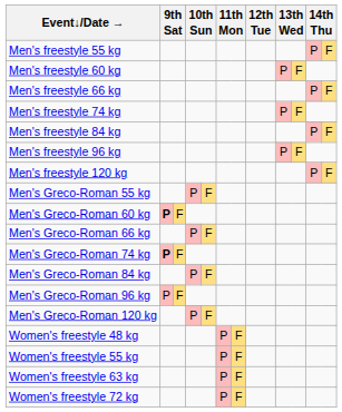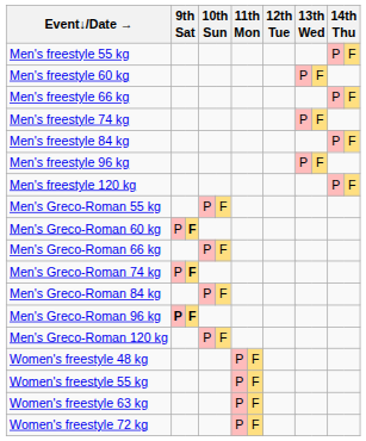 <table class="wikitable" style="margin:0.5em auto; font-size:90%; line-height:1.25em; text-align:center;">
 <tr>
 <th>Event↓/Date →</th>
 <th colspan=2>9th<br>Sat</th>
 <th colspan=2>10th<br>Sun</th>
 <th colspan=2>11th<br>Mon</th>
 <th colspan=2>12th<br>Tue</th>
 <th colspan=2>13th<br>Wed</th>
 <th colspan=2>14th<br>Thu</th>
 </tr>
 <tr>
 <td align="left"><a href='#'>Men's freestyle 55 kg</a></td>
 <td colspan=2></td>
 <td colspan=2></td>
 <td colspan=2></td>
 <td colspan=2></td>
 <td colspan=2></td>
 <td bgcolor="#FFBBBB">P</td>
 <td bgcolor="#FFDF80">F</td>
 </tr>
 <tr>
 <td align="left"><a href='#'>Men's freestyle 60 kg</a></td>
 <td colspan=2></td>
 <td colspan=2></td>
 <td colspan=2></td>
 <td colspan=2></td>
 <td bgcolor="#FFBBBB">P</td>
 <td bgcolor="#FFDF80">F</td>
 <td colspan=2></td>
 </tr>
 <tr>
 <td align="left"><a href='#'>Men's freestyle 66 kg</a></td>
 <td colspan=2></td>
 <td colspan=2></td>
 <td colspan=2></td>
 <td colspan=2></td>
 <td colspan=2></td>
 <td bgcolor="#FFBBBB">P</td>
 <td bgcolor="#FFDF80">F</td>
 </tr>
 <tr>
 <td align="left"><a href='#'>Men's freestyle 74 kg</a></td>
 <td colspan=2></td>
 <td colspan=2></td>
 <td colspan=2></td>
 <td colspan=2></td>
 <td bgcolor="#FFBBBB">P</td>
 <td bgcolor="#FFDF80">F</td>
 <td colspan=2></td>
 </tr>
 <tr>
 <td align="left"><a href='#'>Men's freestyle 84 kg</a></td>
 <td colspan=2></td>
 <td colspan=2></td>
 <td colspan=2></td>
 <td colspan=2></td>
 <td colspan=2></td>
 <td bgcolor="#FFBBBB">P</td>
 <td bgcolor="#FFDF80">F</td>
 </tr>
 <tr>
 <td align="left"><a href='#'>Men's freestyle 96 kg</a></td>
 <td colspan=2></td>
 <td colspan=2></td>
 <td colspan=2></td>
 <td colspan=2></td>
 <td bgcolor="#FFBBBB">P</td>
 <td bgcolor="#FFDF80">F</td>
 <td colspan=2></td>
 </tr>
 <tr>
 <td align="left"><a href='#'>Men's freestyle 120 kg</a></td>
 <td colspan=2></td>
 <td colspan=2></td>
 <td colspan=2></td>
 <td colspan=2></td>
 <td colspan=2></td>
 <td bgcolor="#FFBBBB">P</td>
 <td bgcolor="#FFDF80">F</td>
 </tr>
 <tr>
 <td align="left"><a href='#'>Men's Greco-Roman 55 kg</a></td>
 <td colspan=2></td>
 <td bgcolor="#FFBBBB">P</td>
 <td bgcolor="#FFDF80">F</td>
 <td colspan=2></td>
 <td colspan=2></td>
 <td colspan=2></td>
 <td colspan=2></td>
 </tr>
 <tr>
 <td align="left"><a href='#'>Men's Greco-Roman 60 kg</a></td>
-<td bgcolor="#FFBBBB"><strong>P</strong></td>
-<td bgcolor="#FFDF80">F</td>
+<td bgcolor="#FFBBBB">P</td>
+<td bgcolor="#FFDF80"><strong>F</strong></td>
 <td colspan=2></td>
 <td colspan=2></td>
 <td colspan=2></td>
 <td colspan=2></td>
 <td colspan=2></td>
 </tr>
 <tr>
 <td align="left"><a href='#'>Men's Greco-Roman 66 kg</a></td>
 <td colspan=2></td>
 <td bgcolor="#FFBBBB">P</td>
 <td bgcolor="#FFDF80">F</td>
 <td colspan=2></td>
 <td colspan=2></td>
 <td colspan=2></td>
 <td colspan=2></td>
 </tr>
 <tr>
 <td align="left"><a href='#'>Men's Greco-Roman 74 kg</a></td>
-<td bgcolor="#FFBBBB"><strong>P</strong></td>
-<td bgcolor="#FFDF80">F</td>
+<td bgcolor="#FFBBBB">P</td>
+<td bgcolor="#FFDF80"><strong>F</strong></td>
 <td colspan=2></td>
 <td colspan=2></td>
 <td colspan=2></td>
 <td colspan=2></td>
 <td colspan=2></td>
 </tr>
 <tr>
 <td align="left"><a href='#'>Men's Greco-Roman 84 kg</a></td>
 <td colspan=2></td>
 <td bgcolor="#FFBBBB">P</td>
 <td bgcolor="#FFDF80">F</td>
 <td colspan=2></td>
 <td colspan=2></td>
 <td colspan=2></td>
 <td colspan=2></td>
 </tr>
 <tr>
 <td align="left"><a href='#'>Men's Greco-Roman 96 kg</a></td>
-<td bgcolor="#FFBBBB">P</td>
-<td bgcolor="#FFDF80">F</td>
+<td bgcolor="#FFBBBB"><strong>P</strong></td>
+<td bgcolor="#FFDF80"><strong>F</strong></td>
 <td colspan=2></td>
 <td colspan=2></td>
 <td colspan=2></td>
 <td colspan=2></td>
 <td colspan=2></td>
 </tr>
 <tr>
 <td align="left"><a href='#'>Men's Greco-Roman 120 kg</a></td>
 <td colspan=2></td>
 <td bgcolor="#FFBBBB">P</td>
 <td bgcolor="#FFDF80">F</td>
 <td colspan=2></td>
 <td colspan=2></td>
 <td colspan=2></td>
 <td colspan=2></td>
 </tr>
 <tr>
 <td align="left"><a href='#'>Women's freestyle 48 kg</a></td>
 <td colspan=2></td>
 <td colspan=2></td>
 <td bgcolor="#FFBBBB">P</td>
 <td bgcolor="#FFDF80">F</td>
 <td colspan=2></td>
 <td colspan=2></td>
 <td colspan=2></td>
 </tr>
 <tr>
 <td align="left"><a href='#'>Women's freestyle 55 kg</a></td>
 <td colspan=2></td>
 <td colspan=2></td>
 <td bgcolor="#FFBBBB">P</td>
 <td bgcolor="#FFDF80">F</td>
 <td colspan=2></td>
 <td colspan=2></td>
 <td colspan=2></td>
 </tr>
 <tr>
 <td align="left"><a href='#'>Women's freestyle 63 kg</a></td>
 <td colspan=2></td>
 <td colspan=2></td>
 <td bgcolor="#FFBBBB">P</td>
 <td bgcolor="#FFDF80">F</td>
 <td colspan=2></td>
 <td colspan=2></td>
 <td colspan=2></td>
 </tr>
 <tr>
 <td align="left"><a href='#'>Women's freestyle 72 kg</a></td>
 <td colspan=2></td>
 <td colspan=2></td>
 <td bgcolor="#FFBBBB">P</td>
 <td bgcolor="#FFDF80">F</td>
 <td colspan=2></td>
 <td colspan=2></td>
 <td colspan=2></td>
 </tr>
 </table>
